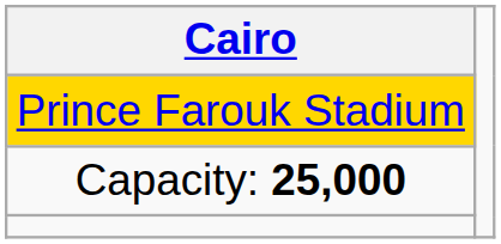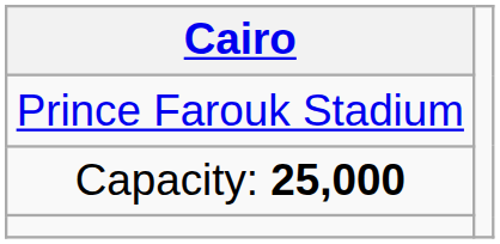 <table class=wikitable style="text-align:center">
 <tr>
 <th><a href='#'>Cairo</a></th>
 <td rowspan=4><br> </td>
 </tr>
 <tr>
-<td style="background: gold;"><a href='#'>Prince Farouk Stadium</a></td>
+<td><a href='#'>Prince Farouk Stadium</a></td>
 </tr>
 <tr>
 <td>Capacity: <strong>25,000</strong></td>
 </tr>
 <tr>
 <td></td>
 </tr>
 </table>
